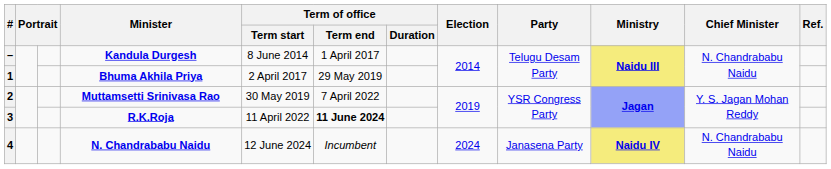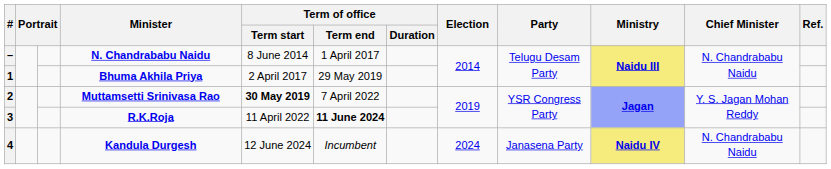 <table class="wikitable" style="line-height:1.4em; text-align:center">
 <tr>
 <th rowspan=2>#</th>
 <th rowspan=2 colspan="2">Portrait</th>
 <th rowspan=2 style="width:16em">Minister<br></th>
 <th colspan="3">Term of office</th>
 <th rowspan=2 style="width:5em">Election<br></th>
 <th rowspan=2 style="width:8em">Party</th>
 <th rowspan=2 style="width:8em">Ministry</th>
 <th rowspan=2 style="width:10em">Chief Minister</th>
 <th rowspan=2>Ref.</th>
 </tr>
 <tr>
 <th>Term start</th>
 <th>Term end</th>
 <th>Duration</th>
 </tr>
 <tr>
 <th>–</th>
 <td rowspan=2></td>
 <td></td>
-<td><strong><a href='#'>Kandula Durgesh</a></strong><br></td>
+<td><strong><a href='#'>N. Chandrababu Naidu</a></strong><br></td>
 <td>8 June 2014</td>
 <td>1 April 2017</td>
 <td><strong></strong></td>
 <td rowspan=2><a href='#'>2014</a><br></td>
 <td rowspan=2><a href='#'>Telugu Desam Party</a></td>
 <td rowspan=2 bgcolor="#F5EC7D"><strong><a href='#'>Naidu III</a></strong></td>
 <td rowspan=2><a href='#'>N. Chandrababu Naidu</a></td>
 <td></td>
 </tr>
 <tr>
 <th>1</th>
 <td></td>
 <td><strong><a href='#'>Bhuma Akhila Priya</a></strong><br></td>
 <td>2 April 2017</td>
 <td>29 May 2019</td>
 <td><strong></strong></td>
 <td></td>
 </tr>
 <tr>
 <th>2</th>
 <td rowspan=2></td>
 <td></td>
 <td><strong><a href='#'>Muttamsetti Srinivasa Rao</a></strong><br></td>
-<td>30 May 2019</td>
+<td><strong>30 May 2019</strong></td>
 <td>7 April 2022</td>
 <td><strong></strong></td>
 <td rowspan=2><a href='#'>2019</a><br></td>
 <td rowspan="2"><a href='#'>YSR Congress Party</a></td>
 <td rowspan=2 bgcolor="#94A2F7"><strong><a href='#'>Jagan</a></strong></td>
 <td rowspan="2"><a href='#'>Y. S. Jagan Mohan Reddy</a></td>
 <td></td>
 </tr>
 <tr>
 <th>3</th>
 <td></td>
 <td><strong><a href='#'>R.K.Roja</a></strong><br></td>
 <td>11 April 2022</td>
 <td><strong>11 June 2024</strong></td>
 <td><strong></strong></td>
 <td></td>
 </tr>
 <tr>
 <th>4</th>
 <td></td>
 <td></td>
-<td><strong><a href='#'>N. Chandrababu Naidu</a></strong><br></td>
+<td><strong><a href='#'>Kandula Durgesh</a></strong><br></td>
 <td>12 June 2024</td>
 <td><em>Incumbent</em></td>
 <td><strong></strong></td>
 <td><a href='#'>2024</a><br></td>
 <td><a href='#'>Janasena Party</a></td>
 <td bgcolor="#F5EC7D"><strong><a href='#'>Naidu IV</a></strong></td>
 <td><a href='#'>N. Chandrababu Naidu</a></td>
 <td></td>
 </tr>
 </table>
